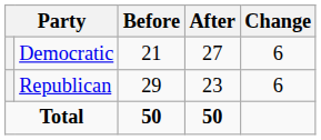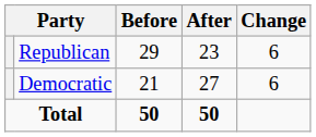 <table class="wikitable" style="text-align:center;">
 <tr>
 <th colspan="2">Party</th>
 <th>Before</th>
 <th>After</th>
 <th>Change</th>
 </tr>
 <tr>
 <th style="background-color:"></th>
-<td style="text-align:left;"><a href='#'>Democratic</a></td>
-<td>21</td>
-<td>27</td>
+<td style="text-align:left;"><a href='#'>Republican</a></td>
+<td>29</td>
+<td>23</td>
 <td> 6</td>
 </tr>
 <tr>
 <th style="background-color:"></th>
-<td style="text-align:left;"><a href='#'>Republican</a></td>
-<td>29</td>
-<td>23</td>
+<td style="text-align:left;"><a href='#'>Democratic</a></td>
+<td>21</td>
+<td>27</td>
 <td> 6</td>
 </tr>
 <tr>
 <td colspan="2"><strong>Total</strong></td>
 <td><strong>50</strong></td>
 <td><strong>50</strong></td>
 <td></td>
 </tr>
 </table>
